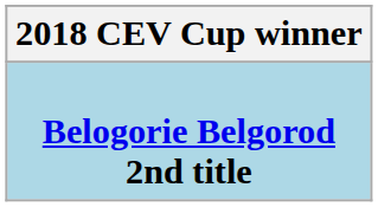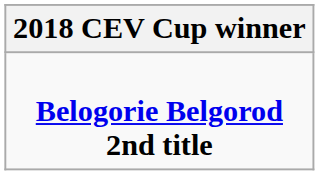 <table class=wikitable style="text-align:center; margin:auto">
 <tr>
 <th>2018 CEV Cup winner</th>
 </tr>
 <tr>
-<td style="background: lightblue;"><br><strong> <a href='#'>Belogorie Belgorod</a> </strong><br> <strong>2nd title</strong></td>
+<td><br><strong> <a href='#'>Belogorie Belgorod</a> </strong><br> <strong>2nd title</strong></td>
 </tr>
 </table>
